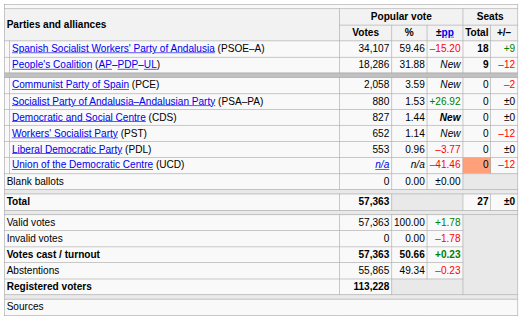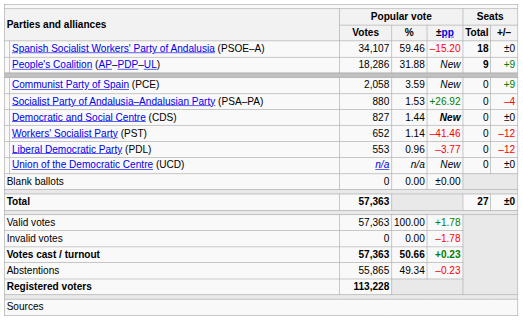 <table class="wikitable" style="text-align:right;">
 <tr>
 <td colspan="7"></td>
 </tr>
 <tr>
 <th style="text-align:left;" rowspan="2" colspan="2" width="525">Parties and alliances</th>
 <th colspan="3">Popular vote</th>
 <th colspan="2">Seats</th>
 </tr>
 <tr>
 <th width="75">Votes</th>
 <th width="45">%</th>
 <th width="45">±<a href='#'>pp</a></th>
 <th width="35">Total</th>
 <th width="35">+/−</th>
 </tr>
 <tr>
 <td width="1" style="color:inherit;background:"></td>
 <td align="left"><a href='#'>Spanish Socialist Workers' Party of Andalusia</a> (PSOE–A)</td>
 <td>34,107</td>
 <td>59.46</td>
 <td style="color:red;">–15.20</td>
 <td><strong>18</strong></td>
-<td style="color:green;">+9</td>
+<td>±0</td>
 </tr>
 <tr>
 <td style="color:inherit;background:"></td>
 <td align="left"><a href='#'>People's Coalition</a> (<a href='#'>AP</a>–<a href='#'>PDP</a>–<a href='#'>UL</a>)</td>
 <td>18,286</td>
 <td>31.88</td>
 <td><em>New</em></td>
 <td><strong>9</strong></td>
-<td style="color:red;">–12</td>
+<td style="color:green;">+9</td>
 </tr>
 <tr>
 <td colspan="7" bgcolor="#C0C0C0"></td>
 </tr>
 <tr>
 <td style="color:inherit;background:"></td>
 <td align="left"><a href='#'>Communist Party of Spain</a> (PCE)</td>
 <td>2,058</td>
 <td>3.59</td>
 <td><em>New</em></td>
 <td>0</td>
-<td style="color:red;">–2</td>
+<td style="color:green;">+9</td>
 </tr>
 <tr>
 <td style="color:inherit;background:"></td>
 <td align="left"><a href='#'>Socialist Party of Andalusia–Andalusian Party</a> (PSA–PA)</td>
 <td>880</td>
 <td>1.53</td>
 <td style="color:green;">+26.92</td>
 <td>0</td>
-<td>±0</td>
+<td style="color:red;">–4</td>
 </tr>
 <tr>
 <td style="color:inherit;background:"></td>
 <td align="left"><a href='#'>Democratic and Social Centre</a> (CDS)</td>
 <td>827</td>
 <td>1.44</td>
 <td><strong><em>New</em></strong></td>
 <td>0</td>
 <td>±0</td>
 </tr>
 <tr>
 <td style="color:inherit;background:"></td>
 <td align="left"><a href='#'>Workers' Socialist Party</a> (PST)</td>
 <td>652</td>
 <td>1.14</td>
-<td><em>New</em></td>
+<td style="color:red;">–41.46</td>
 <td>0</td>
 <td style="color:red;">–12</td>
 </tr>
 <tr>
 <td style="color:inherit;background:"></td>
 <td align="left"><a href='#'>Liberal Democratic Party</a> (PDL)</td>
 <td>553</td>
 <td>0.96</td>
 <td style="color:red;">–3.77</td>
 <td>0</td>
-<td>±0</td>
+<td style="color:red;">–12</td>
 </tr>
 <tr>
 <td style="color:inherit;background:"></td>
 <td align="left"><a href='#'>Union of the Democratic Centre</a> (UCD)</td>
 <td><em><a href='#'>n/a</a></em></td>
 <td><em>n/a</em></td>
-<td style="color:red;">–41.46</td>
-<td style="background: lightsalmon;">0</td>
-<td style="color:red;">–12</td>
+<td><em>New</em></td>
+<td>0</td>
+<td>±0</td>
 </tr>
 <tr>
 <td align="left" colspan="2">Blank ballots</td>
 <td>0</td>
 <td>0.00</td>
 <td>±0.00</td>
 <td bgcolor="#E9E9E9" colspan="2"></td>
 </tr>
 <tr>
 <td colspan="7" bgcolor="#E9E9E9"></td>
 </tr>
 <tr style="font-weight:bold;">
 <td align="left" colspan="2">Total</td>
 <td>57,363</td>
 <td bgcolor="#E9E9E9" colspan="2"></td>
 <td>27</td>
 <td>±0</td>
 </tr>
 <tr>
 <td colspan="7" bgcolor="#E9E9E9"></td>
 </tr>
 <tr>
 <td align="left" colspan="2">Valid votes</td>
 <td>57,363</td>
 <td>100.00</td>
 <td style="color:green;">+1.78</td>
 <td bgcolor="#E9E9E9" colspan="2" rowspan="5"></td>
 </tr>
 <tr>
 <td align="left" colspan="2">Invalid votes</td>
 <td>0</td>
 <td>0.00</td>
 <td style="color:red;">–1.78</td>
 </tr>
 <tr style="font-weight:bold;">
 <td align="left" colspan="2">Votes cast / turnout</td>
 <td>57,363</td>
 <td>50.66</td>
 <td style="color:green;">+0.23</td>
 </tr>
 <tr>
 <td align="left" colspan="2">Abstentions</td>
 <td>55,865</td>
 <td>49.34</td>
 <td style="color:red;">–0.23</td>
 </tr>
 <tr style="font-weight:bold;">
 <td align="left" colspan="2">Registered voters</td>
 <td>113,228</td>
 <td bgcolor="#E9E9E9" colspan="2"></td>
 </tr>
 <tr>
 <td colspan="7" bgcolor="#E9E9E9"></td>
 </tr>
 <tr>
 <td align="left" colspan="7">Sources</td>
 </tr>
 </table>
